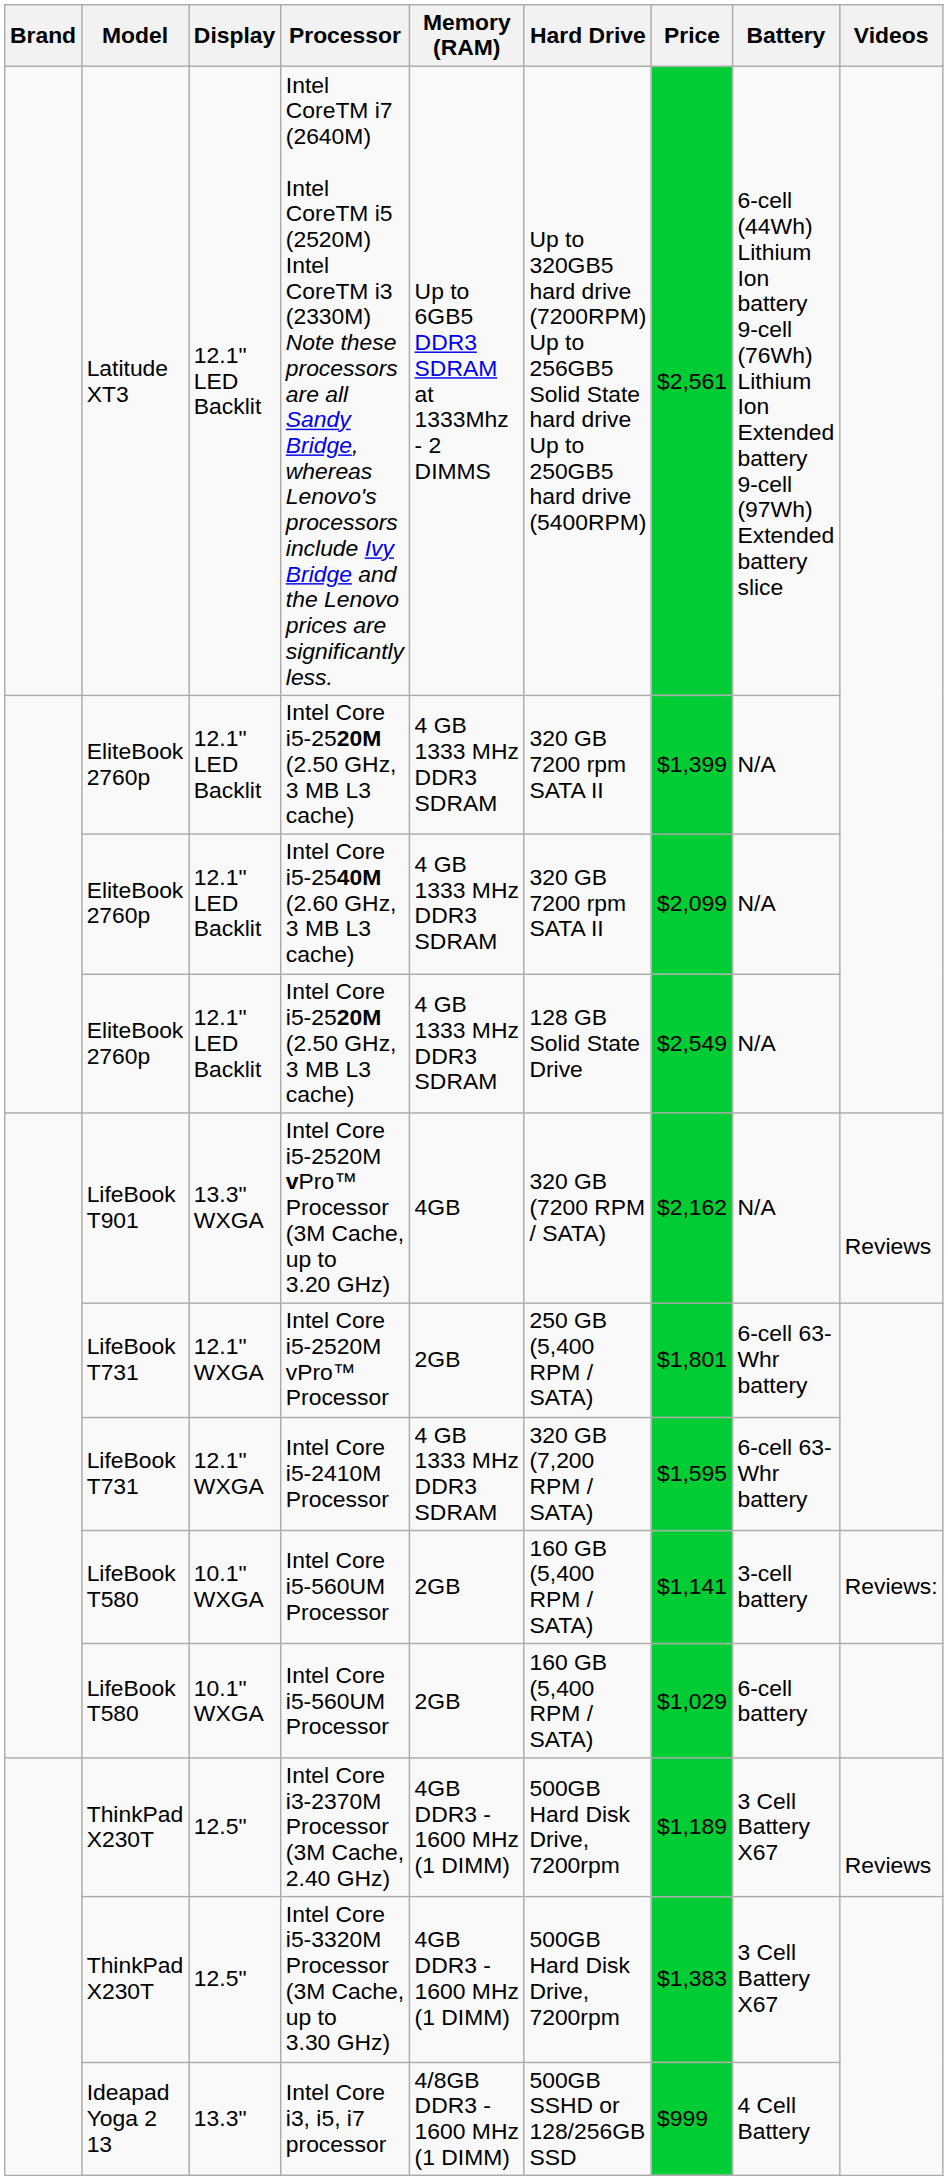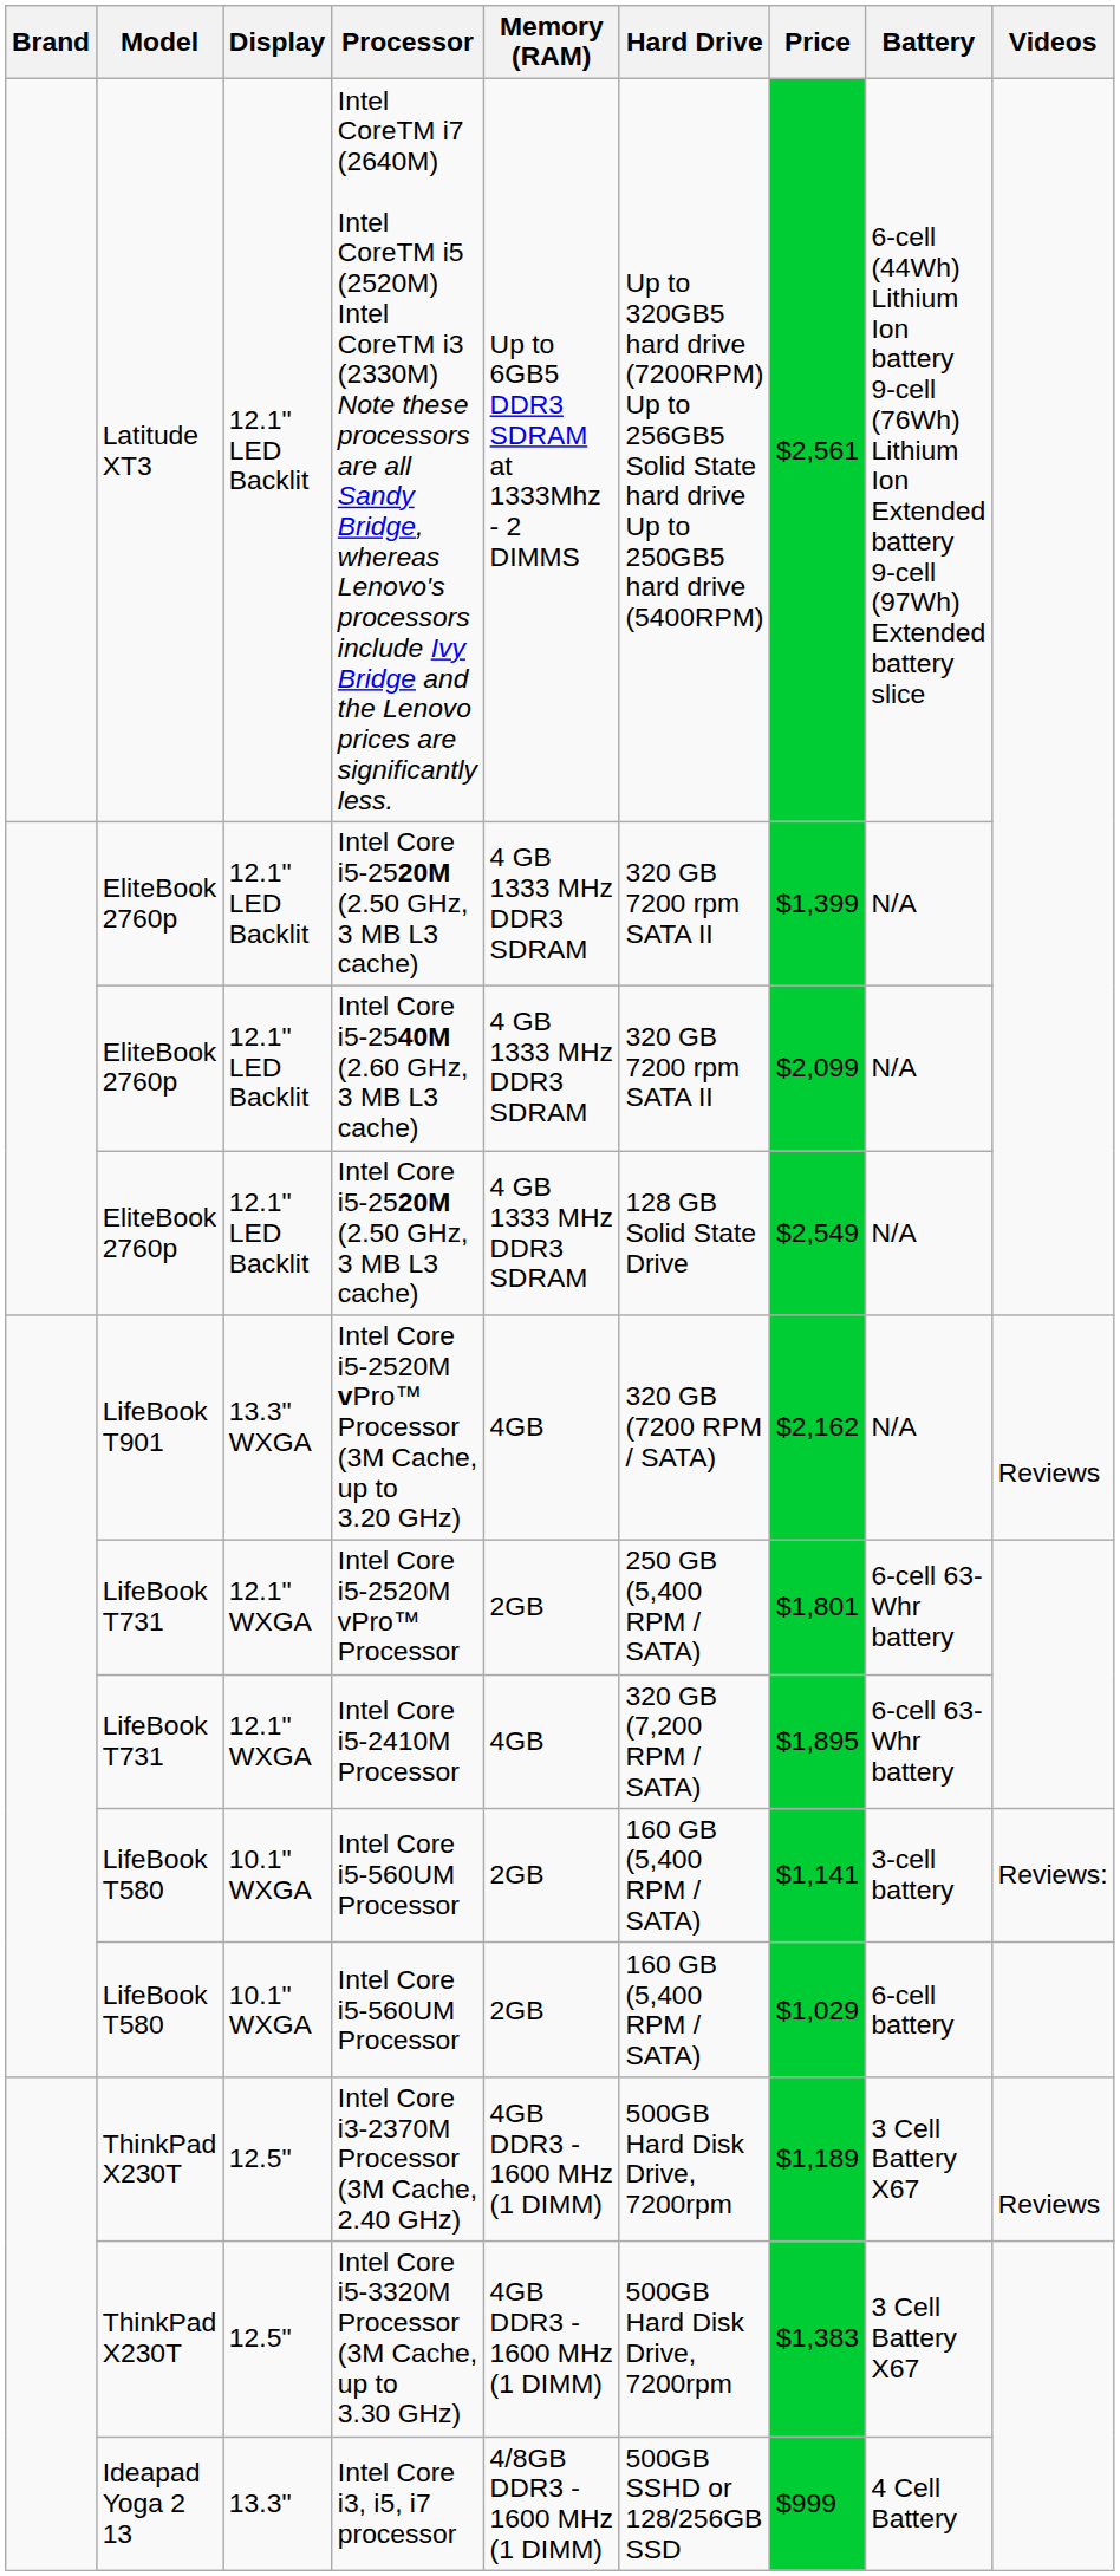 <table class="wikitable sortable">
 <tr>
 <th>Brand</th>
 <th>Model</th>
 <th>Display</th>
 <th>Processor</th>
 <th>Memory (RAM)</th>
 <th>Hard Drive</th>
 <th>Price</th>
 <th>Battery</th>
 <th>Videos</th>
 </tr>
 <tr>
 <td rowspan=1></td>
 <td>Latitude XT3</td>
 <td>12.1" LED Backlit</td>
 <td>Intel CoreTM i7 (2640M)<br><br>Intel CoreTM i5 (2520M) <br>Intel CoreTM i3 (2330M)  <br><em>Note these processors are all <a href='#'>Sandy Bridge</a>, whereas Lenovo's processors include <a href='#'>Ivy Bridge</a> and the Lenovo prices are significantly less.</em></td>
 <td>Up to 6GB5 <a href='#'>DDR3 SDRAM</a> at 1333Mhz - 2 DIMMS</td>
 <td>Up to 320GB5 hard drive (7200RPM)<br>Up to 256GB5 Solid State hard drive<br>Up to 250GB5 hard drive (5400RPM)</td>
 <td bgcolor="#00cc33">$2,561 </td>
 <td><br>6-cell (44Wh) Lithium Ion battery<br>9-cell (76Wh) Lithium Ion Extended battery<br>9-cell (97Wh) Extended battery slice</td>
 </tr>
 <tr>
 <td rowspan=3></td>
 <td>EliteBook 2760p</td>
 <td>12.1" LED Backlit</td>
 <td>Intel Core i5-25<strong>20M</strong><br> (2.50 GHz, 3 MB L3 cache)</td>
 <td>4 GB 1333 MHz DDR3 SDRAM</td>
 <td>320 GB 7200 rpm SATA II</td>
 <td bgcolor="#00cc33">$1,399 </td>
 <td>N/A</td>
 </tr>
 <tr>
 <td>EliteBook 2760p</td>
 <td>12.1" LED Backlit</td>
 <td>Intel Core i5-25<strong>40M</strong><br> (2.60 GHz, 3 MB L3 cache)</td>
 <td>4 GB 1333 MHz DDR3 SDRAM</td>
 <td>320 GB 7200 rpm SATA II</td>
 <td bgcolor="#00cc33">$2,099</td>
 <td>N/A</td>
 </tr>
 <tr>
 <td>EliteBook 2760p</td>
 <td>12.1" LED Backlit</td>
 <td>Intel Core i5-25<strong>20M</strong><br> (2.50 GHz, 3 MB L3 cache)</td>
 <td>4 GB 1333 MHz DDR3 SDRAM</td>
 <td>128 GB Solid State Drive</td>
 <td bgcolor="#00cc33">$2,549</td>
 <td>N/A</td>
 </tr>
 <tr>
 <td rowspan=5></td>
 <td>LifeBook T901</td>
 <td>13.3" WXGA</td>
 <td>Intel Core i5-2520M <strong>v</strong>Pro™ Processor <br>(3M Cache, up to 3.20 GHz) </td>
 <td>4GB</td>
 <td>320 GB (7200 RPM / SATA)</td>
 <td bgcolor="#00cc33">$2,162</td>
 <td>N/A</td>
 <td> <br> <br><br> Reviews<br>   </td>
 </tr>
 <tr>
 <td>LifeBook T731</td>
 <td>12.1" WXGA</td>
 <td>Intel Core i5-2520M vPro™ Processor</td>
 <td>2GB</td>
 <td>250 GB (5,400 RPM / SATA)</td>
 <td bgcolor="#00cc33">$1,801</td>
 <td>6-cell 63-Whr battery</td>
 </tr>
 <tr>
 <td>LifeBook T731</td>
 <td>12.1" WXGA</td>
 <td>Intel Core i5-2410M Processor</td>
-<td>4 GB 1333 MHz DDR3 SDRAM</td>
+<td>4GB</td>
 <td>320 GB (7,200 RPM / SATA)</td>
-<td bgcolor="#00cc33">$1,595</td>
+<td bgcolor="#00cc33">$1,895</td>
 <td>6-cell 63-Whr battery</td>
 </tr>
 <tr>
 <td>LifeBook T580</td>
 <td>10.1" WXGA</td>
 <td>Intel Core i5-560UM Processor</td>
 <td>2GB</td>
 <td>160 GB (5,400 RPM / SATA)</td>
 <td bgcolor="#00cc33">$1,141</td>
 <td>3-cell battery</td>
 <td>Reviews: <br></td>
 </tr>
 <tr>
 <td>LifeBook T580</td>
 <td>10.1" WXGA</td>
 <td>Intel Core i5-560UM Processor</td>
 <td>2GB</td>
 <td>160 GB (5,400 RPM / SATA)</td>
 <td bgcolor="#00cc33">$1,029</td>
 <td>6-cell battery</td>
 </tr>
 <tr>
 <td rowspan=5></td>
 <td>ThinkPad X230T</td>
 <td>12.5"</td>
 <td>Intel Core i3-2370M Processor (3M Cache, 2.40 GHz)</td>
 <td>4GB DDR3 - 1600 MHz (1 DIMM)</td>
 <td>500GB Hard Disk Drive, 7200rpm</td>
 <td bgcolor="#00cc33">$1,189</td>
 <td>3 Cell Battery X67</td>
 <td> <br> <br><br> Reviews<br>   </td>
 </tr>
 <tr>
 <td>ThinkPad X230T</td>
 <td>12.5"</td>
 <td>Intel Core i5-3320M Processor (3M Cache, up to 3.30 GHz)</td>
 <td>4GB DDR3 - 1600 MHz (1 DIMM)</td>
 <td>500GB Hard Disk Drive, 7200rpm</td>
 <td bgcolor="#00cc33">$1,383</td>
 <td>3 Cell Battery X67</td>
 </tr>
 <tr>
 <td>Ideapad Yoga 2 13</td>
 <td>13.3"</td>
 <td>Intel Core i3, i5, i7 processor</td>
 <td>4/8GB DDR3 - 1600 MHz (1 DIMM)</td>
 <td>500GB SSHD or 128/256GB SSD</td>
 <td bgcolor="#00cc33">$999</td>
 <td>4 Cell Battery</td>
 </tr>
 <tr>
 </tr>
 </table>
